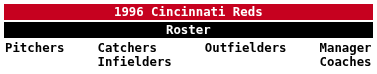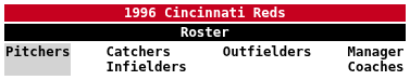 <table class="toccolours" style="font-size: 95%;">
 <tr>
 <th colspan="10" style="background:#c6011f; color:#fff; text-align:center;">1996 Cincinnati Reds</th>
 </tr>
 <tr>
 <td colspan="10" style="background:black; color:#fff; text-align:center;"><strong>Roster</strong></td>
 </tr>
 <tr>
-<td valign="top"><strong>Pitchers</strong><br>                       </td>
+<td valign="top" style="background: lightgrey;"><strong>Pitchers</strong><br>                       </td>
 <td style="width:25px;"></td>
 <td valign="top"><strong>Catchers</strong><br>   <strong>Infielders</strong>        </td>
 <td style="width:25px;"></td>
 <td valign="top"><strong>Outfielders</strong><br>            </td>
 <td style="width:25px;"></td>
 <td valign="top"><strong>Manager</strong><br> <strong>Coaches</strong>      </td>
 </tr>
 </table>
